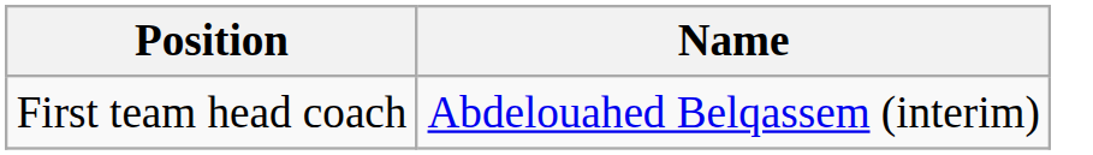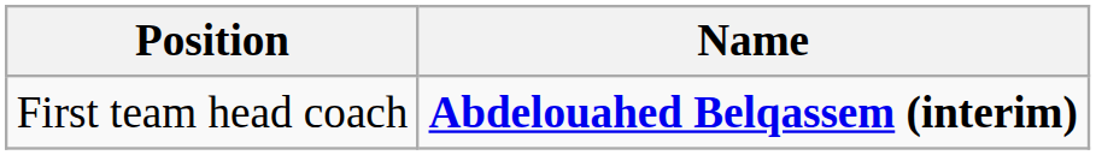 <table class="wikitable" style="text-align:center">
 <tr>
 <th>Position</th>
 <th>Name</th>
 </tr>
 <tr>
 <td style="text-align:left;">First team head coach</td>
-<td style="text-align:left;"> <a href='#'>Abdelouahed Belqassem</a> (interim)</td>
+<td style="text-align:left;"><strong> <a href='#'>Abdelouahed Belqassem</a> (interim)</strong></td>
 </tr>
 </table>
